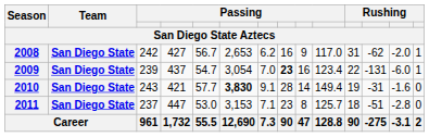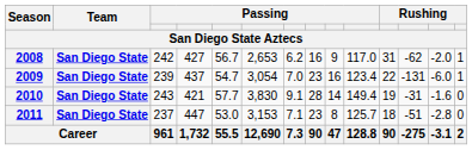 <table class="wikitable" style="text-align:center;">
 <tr>
 <th rowspan="2">Season</th>
 <th rowspan="2">Team</th>
 <th colspan="8">Passing</th>
 <th colspan="4">Rushing</th>
 </tr>
 <tr>
 <th></th>
 <th></th>
 <th></th>
 <th></th>
 <th></th>
 <th></th>
 <th></th>
 <th></th>
 <th></th>
 <th></th>
 <th></th>
 <th></th>
 </tr>
 <tr>
 <th colspan="14">San Diego State Aztecs</th>
 </tr>
 <tr>
 <th><a href='#'>2008</a></th>
 <th><a href='#'>San Diego State</a></th>
 <td>242</td>
 <td>427</td>
 <td>56.7</td>
 <td>2,653</td>
 <td>6.2</td>
 <td>16</td>
 <td>9</td>
 <td>117.0</td>
 <td>31</td>
 <td>-62</td>
 <td>-2.0</td>
 <td>1</td>
 </tr>
 <tr>
 <th><a href='#'>2009</a></th>
 <th><a href='#'>San Diego State</a></th>
 <td>239</td>
 <td>437</td>
 <td>54.7</td>
 <td>3,054</td>
 <td>7.0</td>
-<td><strong>23</strong></td>
+<td>23</td>
 <td>16</td>
 <td>123.4</td>
 <td>22</td>
 <td>-131</td>
 <td>-6.0</td>
 <td>1</td>
 </tr>
 <tr>
 <th><a href='#'>2010</a></th>
 <th><a href='#'>San Diego State</a></th>
 <td>243</td>
 <td>421</td>
 <td>57.7</td>
-<td><strong>3,830</strong></td>
+<td>3,830</td>
 <td>9.1</td>
 <td>28</td>
 <td>14</td>
 <td>149.4</td>
 <td>19</td>
 <td>-31</td>
 <td>-1.6</td>
 <td>0</td>
 </tr>
 <tr>
 <th><a href='#'>2011</a></th>
 <th><a href='#'>San Diego State</a></th>
 <td>237</td>
 <td>447</td>
 <td>53.0</td>
 <td>3,153</td>
 <td>7.1</td>
 <td>23</td>
 <td>8</td>
 <td>125.7</td>
 <td>18</td>
 <td>-51</td>
 <td>-2.8</td>
 <td>0</td>
 </tr>
 <tr>
 <th colspan="2">Career</th>
 <th>961</th>
 <th>1,732</th>
 <th>55.5</th>
 <th>12,690</th>
 <th>7.3</th>
 <th>90</th>
 <th>47</th>
 <th>128.8</th>
 <th>90</th>
 <th>-275</th>
 <th>-3.1</th>
 <th>2</th>
 </tr>
 </table>
